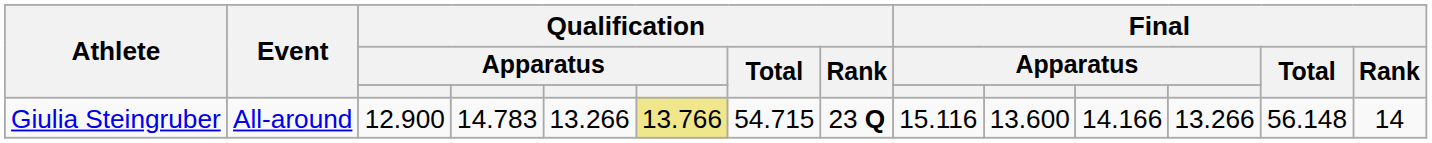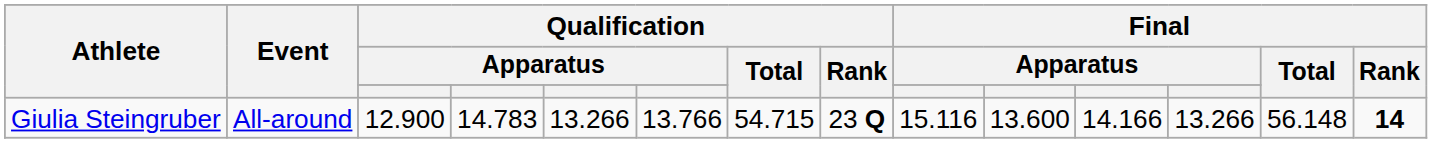 <table class="wikitable" style="font-size:90%">
 <tr>
 <th rowspan=3>Athlete</th>
 <th rowspan=3>Event</th>
 <th colspan=6>Qualification</th>
 <th colspan=6>Final</th>
 </tr>
 <tr style="font-size:95%">
 <th colspan=4>Apparatus</th>
 <th rowspan=2>Total</th>
 <th rowspan=2>Rank</th>
 <th colspan=4>Apparatus</th>
 <th rowspan=2>Total</th>
 <th rowspan=2>Rank</th>
 </tr>
 <tr style="font-size:95%">
 <th></th>
 <th></th>
 <th></th>
 <th></th>
 <th></th>
 <th></th>
 <th></th>
 <th></th>
 </tr>
 <tr align=center>
 <td align=left><a href='#'>Giulia Steingruber</a></td>
 <td align=left><a href='#'>All-around</a></td>
 <td>12.900</td>
 <td>14.783</td>
 <td>13.266</td>
-<td style="background: khaki;">13.766</td>
+<td>13.766</td>
 <td>54.715</td>
 <td>23 <strong>Q</strong></td>
 <td>15.116</td>
 <td>13.600</td>
 <td>14.166</td>
 <td>13.266</td>
 <td>56.148</td>
-<td>14</td>
+<td><strong>14</strong></td>
 </tr>
 </table>
